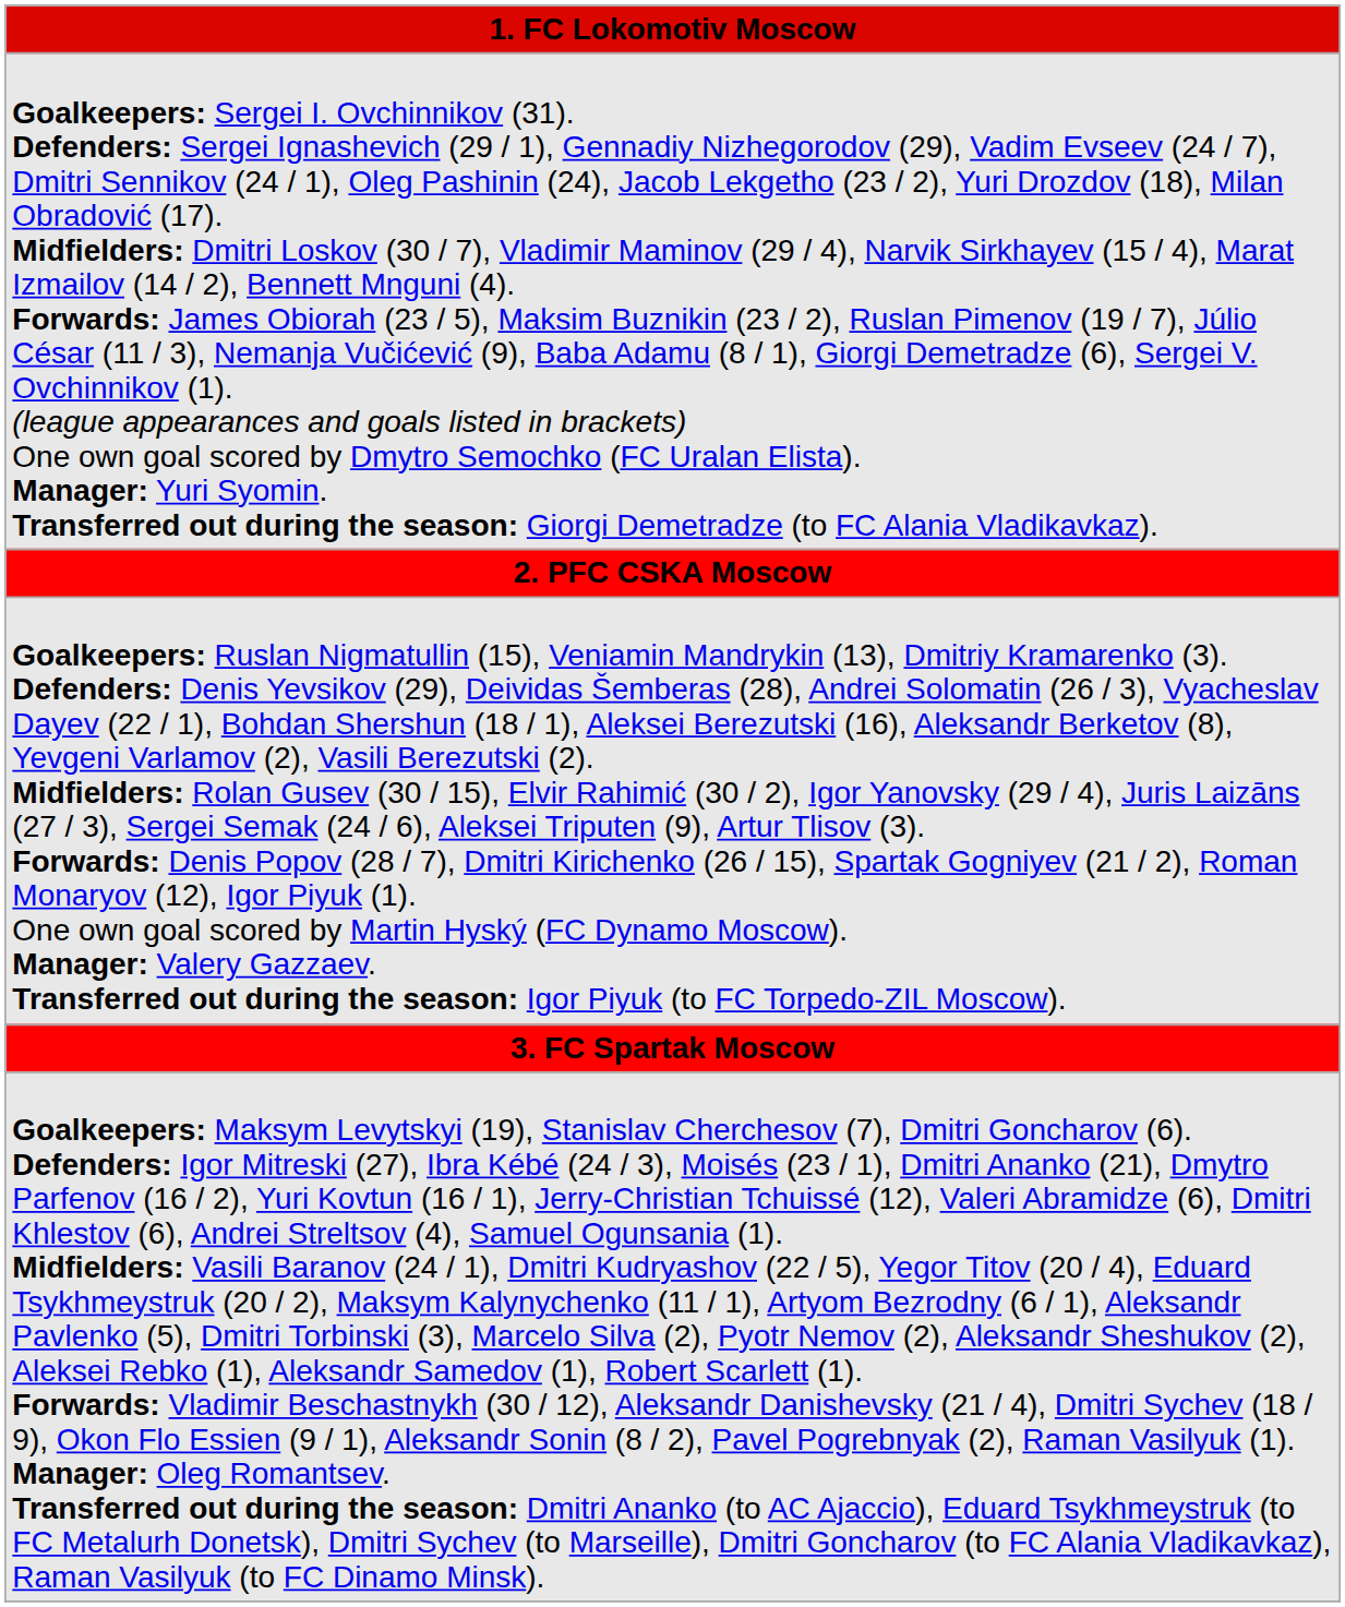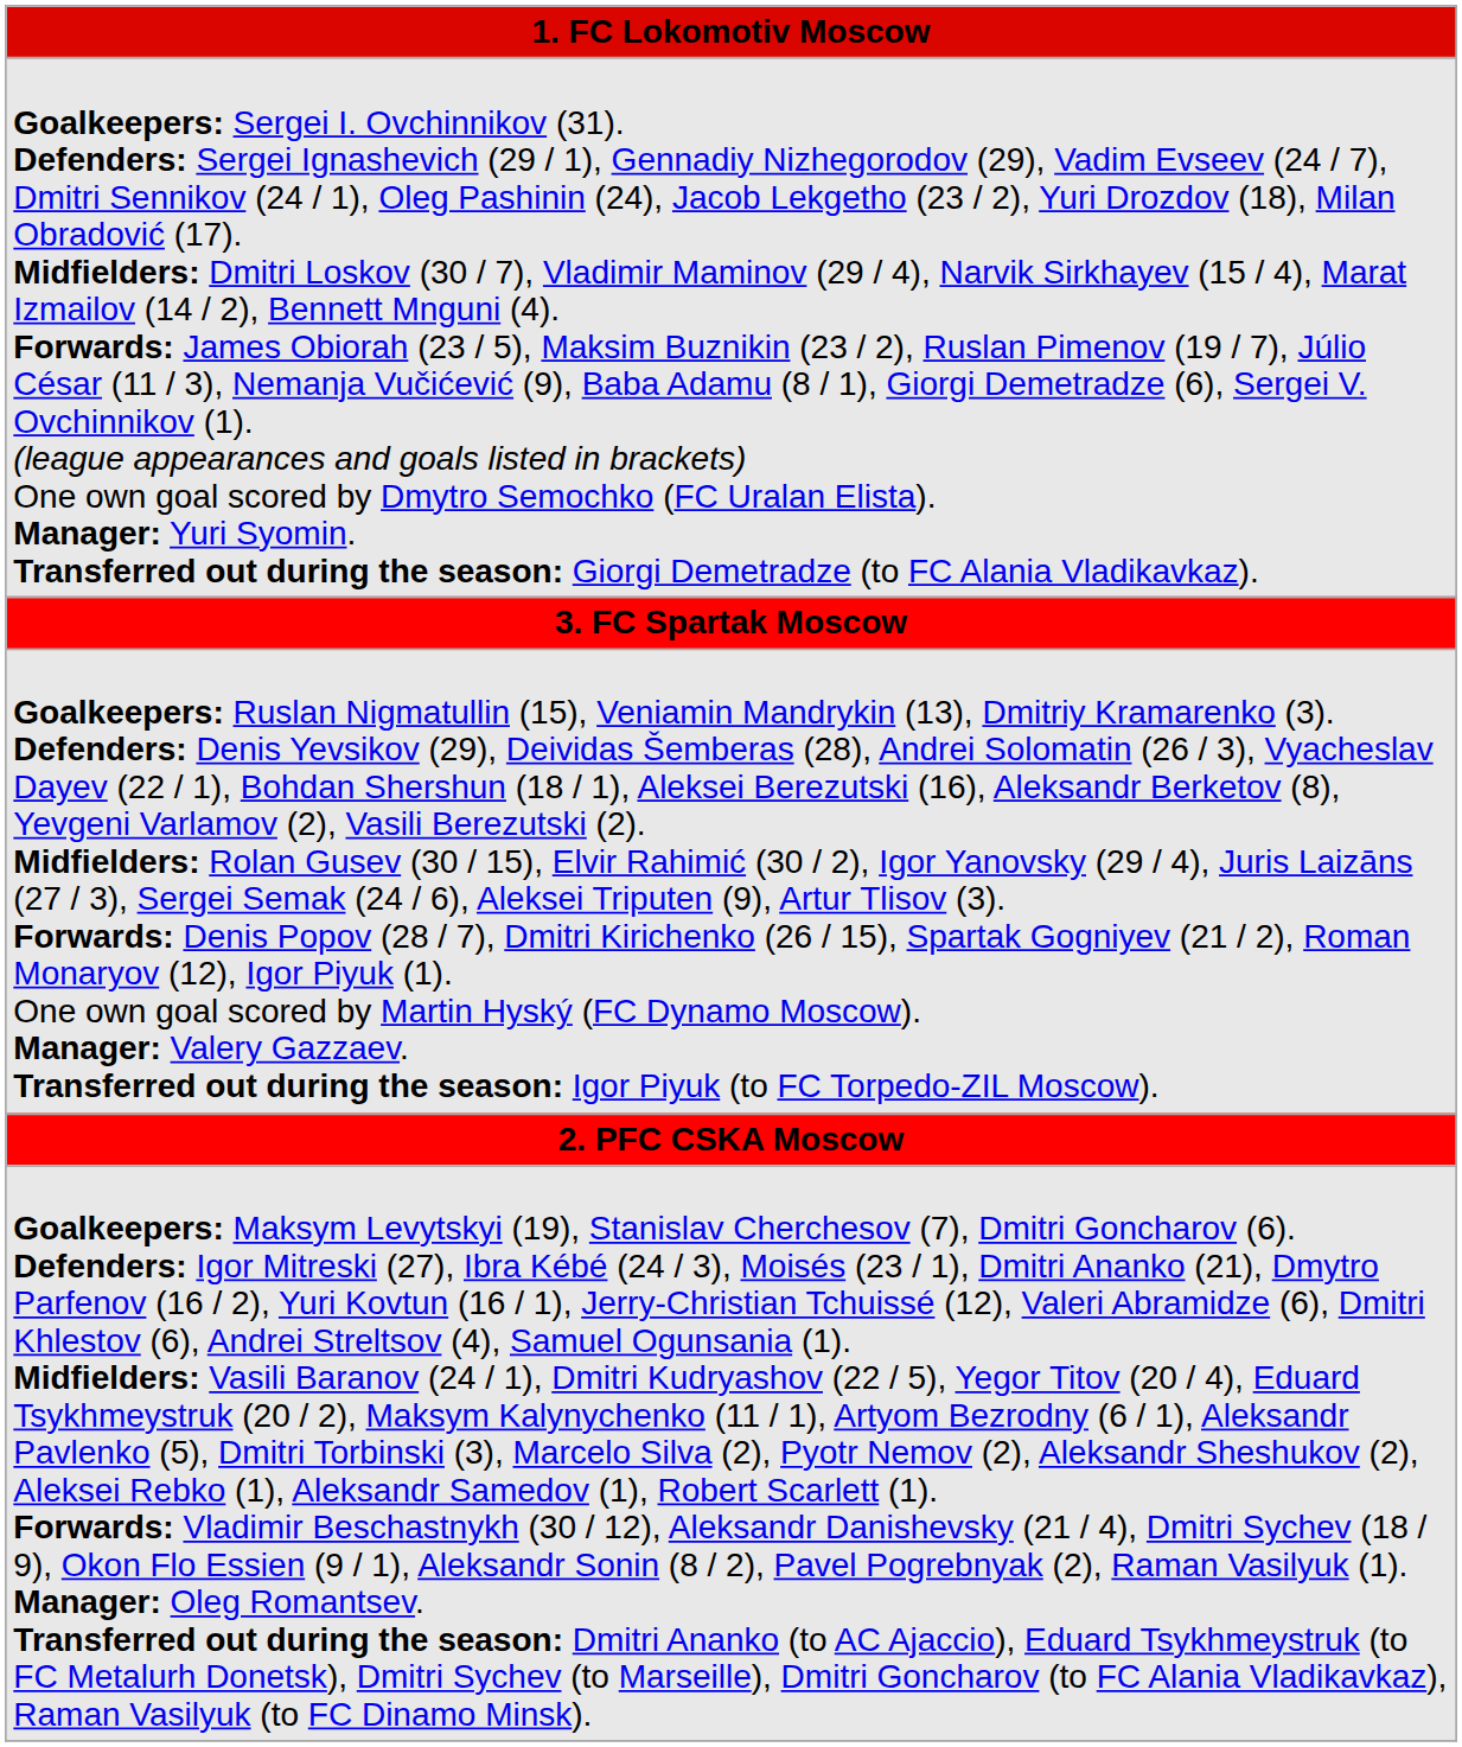 <table class="wikitable" Width="700">
 <tr bgcolor="#DB0500">
 <td align="center" width="700"><span> <strong>1. FC Lokomotiv Moscow</strong> </span></td>
 </tr>
 <tr bgcolor="#E8E8E8">
 <td align="left" width="700"><br><strong>Goalkeepers:</strong> <a href='#'>Sergei I. Ovchinnikov</a> (31).<br> <strong>Defenders:</strong> <a href='#'>Sergei Ignashevich</a> (29 / 1), <a href='#'>Gennadiy Nizhegorodov</a> (29), <a href='#'>Vadim Evseev</a> (24 / 7), <a href='#'>Dmitri Sennikov</a> (24 / 1), <a href='#'>Oleg Pashinin</a>  (24), <a href='#'>Jacob Lekgetho</a>  (23 / 2), <a href='#'>Yuri Drozdov</a> (18), <a href='#'>Milan Obradović</a>  (17).<br> <strong>Midfielders:</strong> <a href='#'>Dmitri Loskov</a> (30 / 7), <a href='#'>Vladimir Maminov</a>  (29 / 4), <a href='#'>Narvik Sirkhayev</a>  (15 / 4), <a href='#'>Marat Izmailov</a> (14 / 2), <a href='#'>Bennett Mnguni</a>  (4).<br> <strong>Forwards:</strong> <a href='#'>James Obiorah</a>  (23 / 5), <a href='#'>Maksim Buznikin</a> (23 / 2), <a href='#'>Ruslan Pimenov</a> (19 / 7), <a href='#'>Júlio César</a>  (11 / 3), <a href='#'>Nemanja Vučićević</a>  (9), <a href='#'>Baba Adamu</a>  (8 / 1), <a href='#'>Giorgi Demetradze</a>  (6), <a href='#'>Sergei V. Ovchinnikov</a> (1).<br><em>(league appearances and goals listed in brackets)</em><br>One own goal scored by <a href='#'>Dmytro Semochko</a>  (<a href='#'>FC Uralan Elista</a>).<br><strong>Manager:</strong> <a href='#'>Yuri Syomin</a>.<br><strong>Transferred out during the season:</strong> <a href='#'>Giorgi Demetradze</a>  (to <a href='#'>FC Alania Vladikavkaz</a>).</td>
 </tr>
 <tr bgcolor="#FF0000">
-<td align="center" width="700"><span> <strong>2. PFC CSKA Moscow</strong> </span></td>
+<td align="center" width="700"><span> <strong>3. FC Spartak Moscow</strong> </span></td>
 </tr>
 <tr bgcolor="#E8E8E8">
 <td align="left" width="700"><br><strong>Goalkeepers:</strong> <a href='#'>Ruslan Nigmatullin</a> (15), <a href='#'>Veniamin Mandrykin</a> (13), <a href='#'>Dmitriy Kramarenko</a>  (3).<br> <strong>Defenders:</strong> <a href='#'>Denis Yevsikov</a> (29), <a href='#'>Deividas Šemberas</a>  (28), <a href='#'>Andrei Solomatin</a> (26 / 3), <a href='#'>Vyacheslav Dayev</a> (22 / 1), <a href='#'>Bohdan Shershun</a>  (18 / 1), <a href='#'>Aleksei Berezutski</a> (16), <a href='#'>Aleksandr Berketov</a> (8), <a href='#'>Yevgeni Varlamov</a> (2), <a href='#'>Vasili Berezutski</a> (2).<br> <strong>Midfielders:</strong> <a href='#'>Rolan Gusev</a> (30 / 15), <a href='#'>Elvir Rahimić</a>  (30 / 2), <a href='#'>Igor Yanovsky</a> (29 / 4), <a href='#'>Juris Laizāns</a>  (27 / 3), <a href='#'>Sergei Semak</a> (24 / 6), <a href='#'>Aleksei Triputen</a> (9), <a href='#'>Artur Tlisov</a> (3).<br> <strong>Forwards:</strong> <a href='#'>Denis Popov</a> (28 / 7), <a href='#'>Dmitri Kirichenko</a> (26 / 15), <a href='#'>Spartak Gogniyev</a> (21 / 2), <a href='#'>Roman Monaryov</a>  (12), <a href='#'>Igor Piyuk</a> (1).<br>One own goal scored by <a href='#'>Martin Hyský</a>  (<a href='#'>FC Dynamo Moscow</a>).<br><strong>Manager:</strong> <a href='#'>Valery Gazzaev</a>.<br><strong>Transferred out during the season:</strong> <a href='#'>Igor Piyuk</a> (to <a href='#'>FC Torpedo-ZIL Moscow</a>).</td>
 </tr>
 <tr bgcolor="#FF0000">
-<td align="center" width="700"><span> <strong>3. FC Spartak Moscow</strong> </span></td>
+<td align="center" width="700"><span> <strong>2. PFC CSKA Moscow</strong> </span></td>
 </tr>
 <tr bgcolor="#E8E8E8">
 <td align="left" width="700"><br><strong>Goalkeepers:</strong> <a href='#'>Maksym Levytskyi</a>  (19), <a href='#'>Stanislav Cherchesov</a> (7), <a href='#'>Dmitri Goncharov</a> (6).<br> <strong>Defenders:</strong> <a href='#'>Igor Mitreski</a>  (27), <a href='#'>Ibra Kébé</a>  (24 / 3), <a href='#'>Moisés</a>  (23 / 1), <a href='#'>Dmitri Ananko</a> (21), <a href='#'>Dmytro Parfenov</a>  (16 / 2), <a href='#'>Yuri Kovtun</a> (16 / 1), <a href='#'>Jerry-Christian Tchuissé</a>  (12), <a href='#'>Valeri Abramidze</a>  (6), <a href='#'>Dmitri Khlestov</a> (6), <a href='#'>Andrei Streltsov</a> (4), <a href='#'>Samuel Ogunsania</a>  (1).<br> <strong>Midfielders:</strong> <a href='#'>Vasili Baranov</a>  (24 / 1), <a href='#'>Dmitri Kudryashov</a> (22 / 5), <a href='#'>Yegor Titov</a> (20 / 4), <a href='#'>Eduard Tsykhmeystruk</a>  (20 / 2), <a href='#'>Maksym Kalynychenko</a>  (11 / 1), <a href='#'>Artyom Bezrodny</a> (6 / 1), <a href='#'>Aleksandr Pavlenko</a> (5), <a href='#'>Dmitri Torbinski</a> (3), <a href='#'>Marcelo Silva</a>  (2), <a href='#'>Pyotr Nemov</a> (2), <a href='#'>Aleksandr Sheshukov</a> (2), <a href='#'>Aleksei Rebko</a> (1), <a href='#'>Aleksandr Samedov</a> (1), <a href='#'>Robert Scarlett</a>  (1).<br> <strong>Forwards:</strong> <a href='#'>Vladimir Beschastnykh</a> (30 / 12), <a href='#'>Aleksandr Danishevsky</a> (21 / 4), <a href='#'>Dmitri Sychev</a> (18 / 9), <a href='#'>Okon Flo Essien</a>  (9 / 1), <a href='#'>Aleksandr Sonin</a> (8 / 2), <a href='#'>Pavel Pogrebnyak</a> (2), <a href='#'>Raman Vasilyuk</a>  (1).<br><strong>Manager:</strong> <a href='#'>Oleg Romantsev</a>.<br><strong>Transferred out during the season:</strong> <a href='#'>Dmitri Ananko</a> (to  <a href='#'>AC Ajaccio</a>), <a href='#'>Eduard Tsykhmeystruk</a>  (to  <a href='#'>FC Metalurh Donetsk</a>), <a href='#'>Dmitri Sychev</a> (to  <a href='#'>Marseille</a>), <a href='#'>Dmitri Goncharov</a> (to <a href='#'>FC Alania Vladikavkaz</a>), <a href='#'>Raman Vasilyuk</a>  (to  <a href='#'>FC Dinamo Minsk</a>).</td>
 </tr>
 </table>
